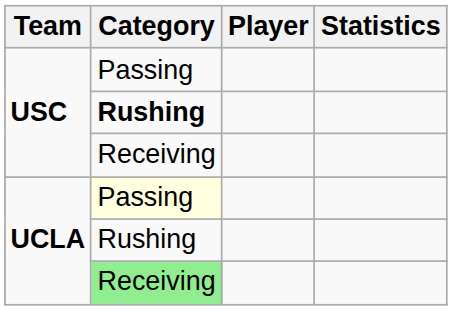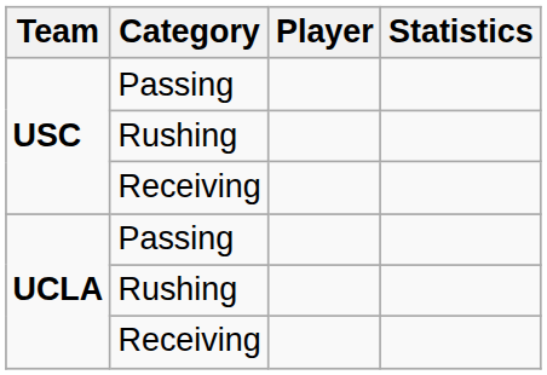 <table class="wikitable" style="float: right;">
 <tr>
 <th>Team</th>
 <th>Category</th>
 <th>Player</th>
 <th>Statistics</th>
 </tr>
 <tr>
 <td rowspan=3><strong>USC</strong></td>
 <td>Passing</td>
 <td></td>
 <td></td>
 </tr>
 <tr>
-<td><strong>Rushing</strong></td>
+<td>Rushing</td>
 <td></td>
 <td></td>
 </tr>
 <tr>
 <td>Receiving</td>
 <td></td>
 <td></td>
 </tr>
 <tr>
 <td rowspan=3><strong>UCLA</strong></td>
-<td style="background: lightyellow;">Passing</td>
+<td>Passing</td>
 <td></td>
 <td></td>
 </tr>
 <tr>
 <td>Rushing</td>
 <td></td>
 <td></td>
 </tr>
 <tr>
-<td style="background: lightgreen;">Receiving</td>
+<td>Receiving</td>
 <td></td>
 <td></td>
 </tr>
 </table>
